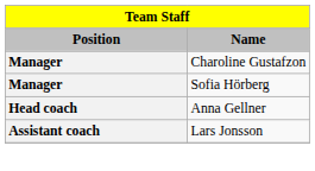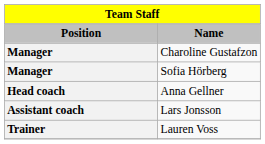 <table class="wikitable" style="text-align:left; font-size:90%;">
 <tr>
 <th style=background:Yellow colspan=2>Team Staff</th>
 </tr>
 <tr>
 <th width=60% style="background:silver;">Position</th>
 <th style="background:silver;">Name</th>
 </tr>
 <tr>
 <th style="text-align:left;">Manager</th>
 <td>Charoline Gustafzon</td>
 </tr>
 <tr>
 <th style="text-align:left;">Manager</th>
 <td>Sofia Hörberg</td>
 </tr>
 <tr>
 <th style="text-align:left;">Head coach</th>
 <td>Anna Gellner</td>
 </tr>
 <tr>
 <th style="text-align:left;">Assistant coach</th>
 <td>Lars Jonsson</td>
 </tr>
 <tr>
+<th style="text-align:left;">Trainer</th>
+<td>Lauren Voss</td>
+</tr>
+<tr>
 </tr>
 </table>
